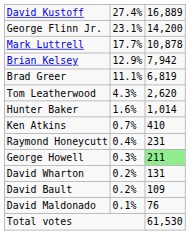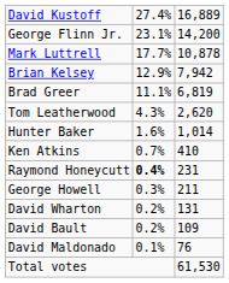 <table class="wikitable">
 <tr>
 <td><a href='#'>David Kustoff</a></td>
 <td>27.4%</td>
 <td>16,889</td>
 </tr>
 <tr>
 <td>George Flinn Jr.</td>
 <td>23.1%</td>
 <td>14,200</td>
 </tr>
 <tr>
 <td><a href='#'>Mark Luttrell</a></td>
 <td>17.7%</td>
 <td>10,878</td>
 </tr>
 <tr>
 <td><a href='#'>Brian Kelsey</a></td>
 <td>12.9%</td>
 <td>7,942</td>
 </tr>
 <tr>
 <td>Brad Greer</td>
 <td>11.1%</td>
 <td>6,819</td>
 </tr>
 <tr>
 <td>Tom Leatherwood</td>
 <td>4.3%</td>
 <td>2,620</td>
 </tr>
 <tr>
 <td>Hunter Baker</td>
 <td>1.6%</td>
 <td>1,014</td>
 </tr>
 <tr>
 <td>Ken Atkins</td>
 <td>0.7%</td>
 <td>410</td>
 </tr>
 <tr>
 <td>Raymond Honeycutt</td>
-<td>0.4%</td>
+<td><strong>0.4%</strong></td>
 <td>231</td>
 </tr>
 <tr>
 <td>George Howell</td>
 <td>0.3%</td>
-<td style="background: lightgreen;">211</td>
+<td>211</td>
 </tr>
 <tr>
 <td>David Wharton</td>
 <td>0.2%</td>
 <td>131</td>
 </tr>
 <tr>
 <td>David Bault</td>
 <td>0.2%</td>
 <td>109</td>
 </tr>
 <tr>
 <td>David Maldonado</td>
 <td>0.1%</td>
 <td>76</td>
 </tr>
 <tr>
 <td colspan="2">Total votes</td>
 <td>61,530</td>
 </tr>
 </table>
